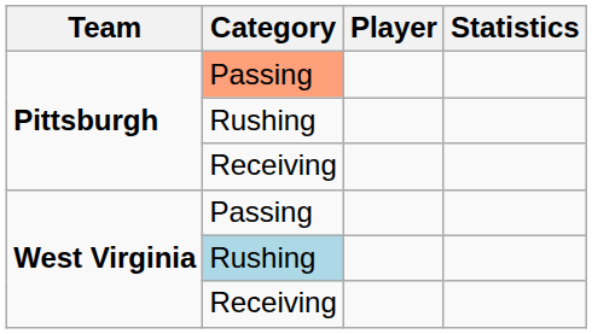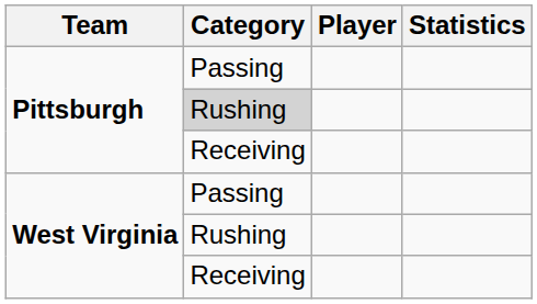 <table class="wikitable" style="float: right;">
 <tr>
 <th>Team</th>
 <th>Category</th>
 <th>Player</th>
 <th>Statistics</th>
 </tr>
 <tr>
 <td rowspan=3><strong>Pittsburgh</strong></td>
-<td style="background: lightsalmon;">Passing</td>
+<td>Passing</td>
 <td></td>
 <td></td>
 </tr>
 <tr>
-<td>Rushing</td>
+<td style="background: lightgrey;">Rushing</td>
 <td></td>
 <td></td>
 </tr>
 <tr>
 <td>Receiving</td>
 <td></td>
 <td></td>
 </tr>
 <tr>
 <td rowspan=3><strong>West Virginia</strong></td>
 <td>Passing</td>
 <td></td>
 <td></td>
 </tr>
 <tr>
-<td style="background: lightblue;">Rushing</td>
+<td>Rushing</td>
 <td></td>
 <td></td>
 </tr>
 <tr>
 <td>Receiving</td>
 <td></td>
 <td></td>
 </tr>
 </table>
